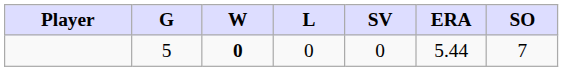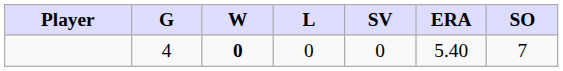 <table class="wikitable sortable">
 <tr>
 <th style="background:#ddf; width:16%;">Player</th>
 <th style="background:#ddf; width:9%;">G</th>
 <th style="background:#ddf; width:9%;">W</th>
 <th style="background:#ddf; width:9%;">L</th>
 <th style="background:#ddf; width:9%;">SV</th>
 <th style="background:#ddf; width:9%;">ERA</th>
 <th style="background:#ddf; width:9%;">SO</th>
 </tr>
 <tr style="text-align:center;">
 <td></td>
-<td>5</td>
+<td>4</td>
 <td><strong>0</strong></td>
 <td>0</td>
 <td>0</td>
-<td>5.44</td>
+<td>5.40</td>
 <td>7</td>
 </tr>
 </table>
